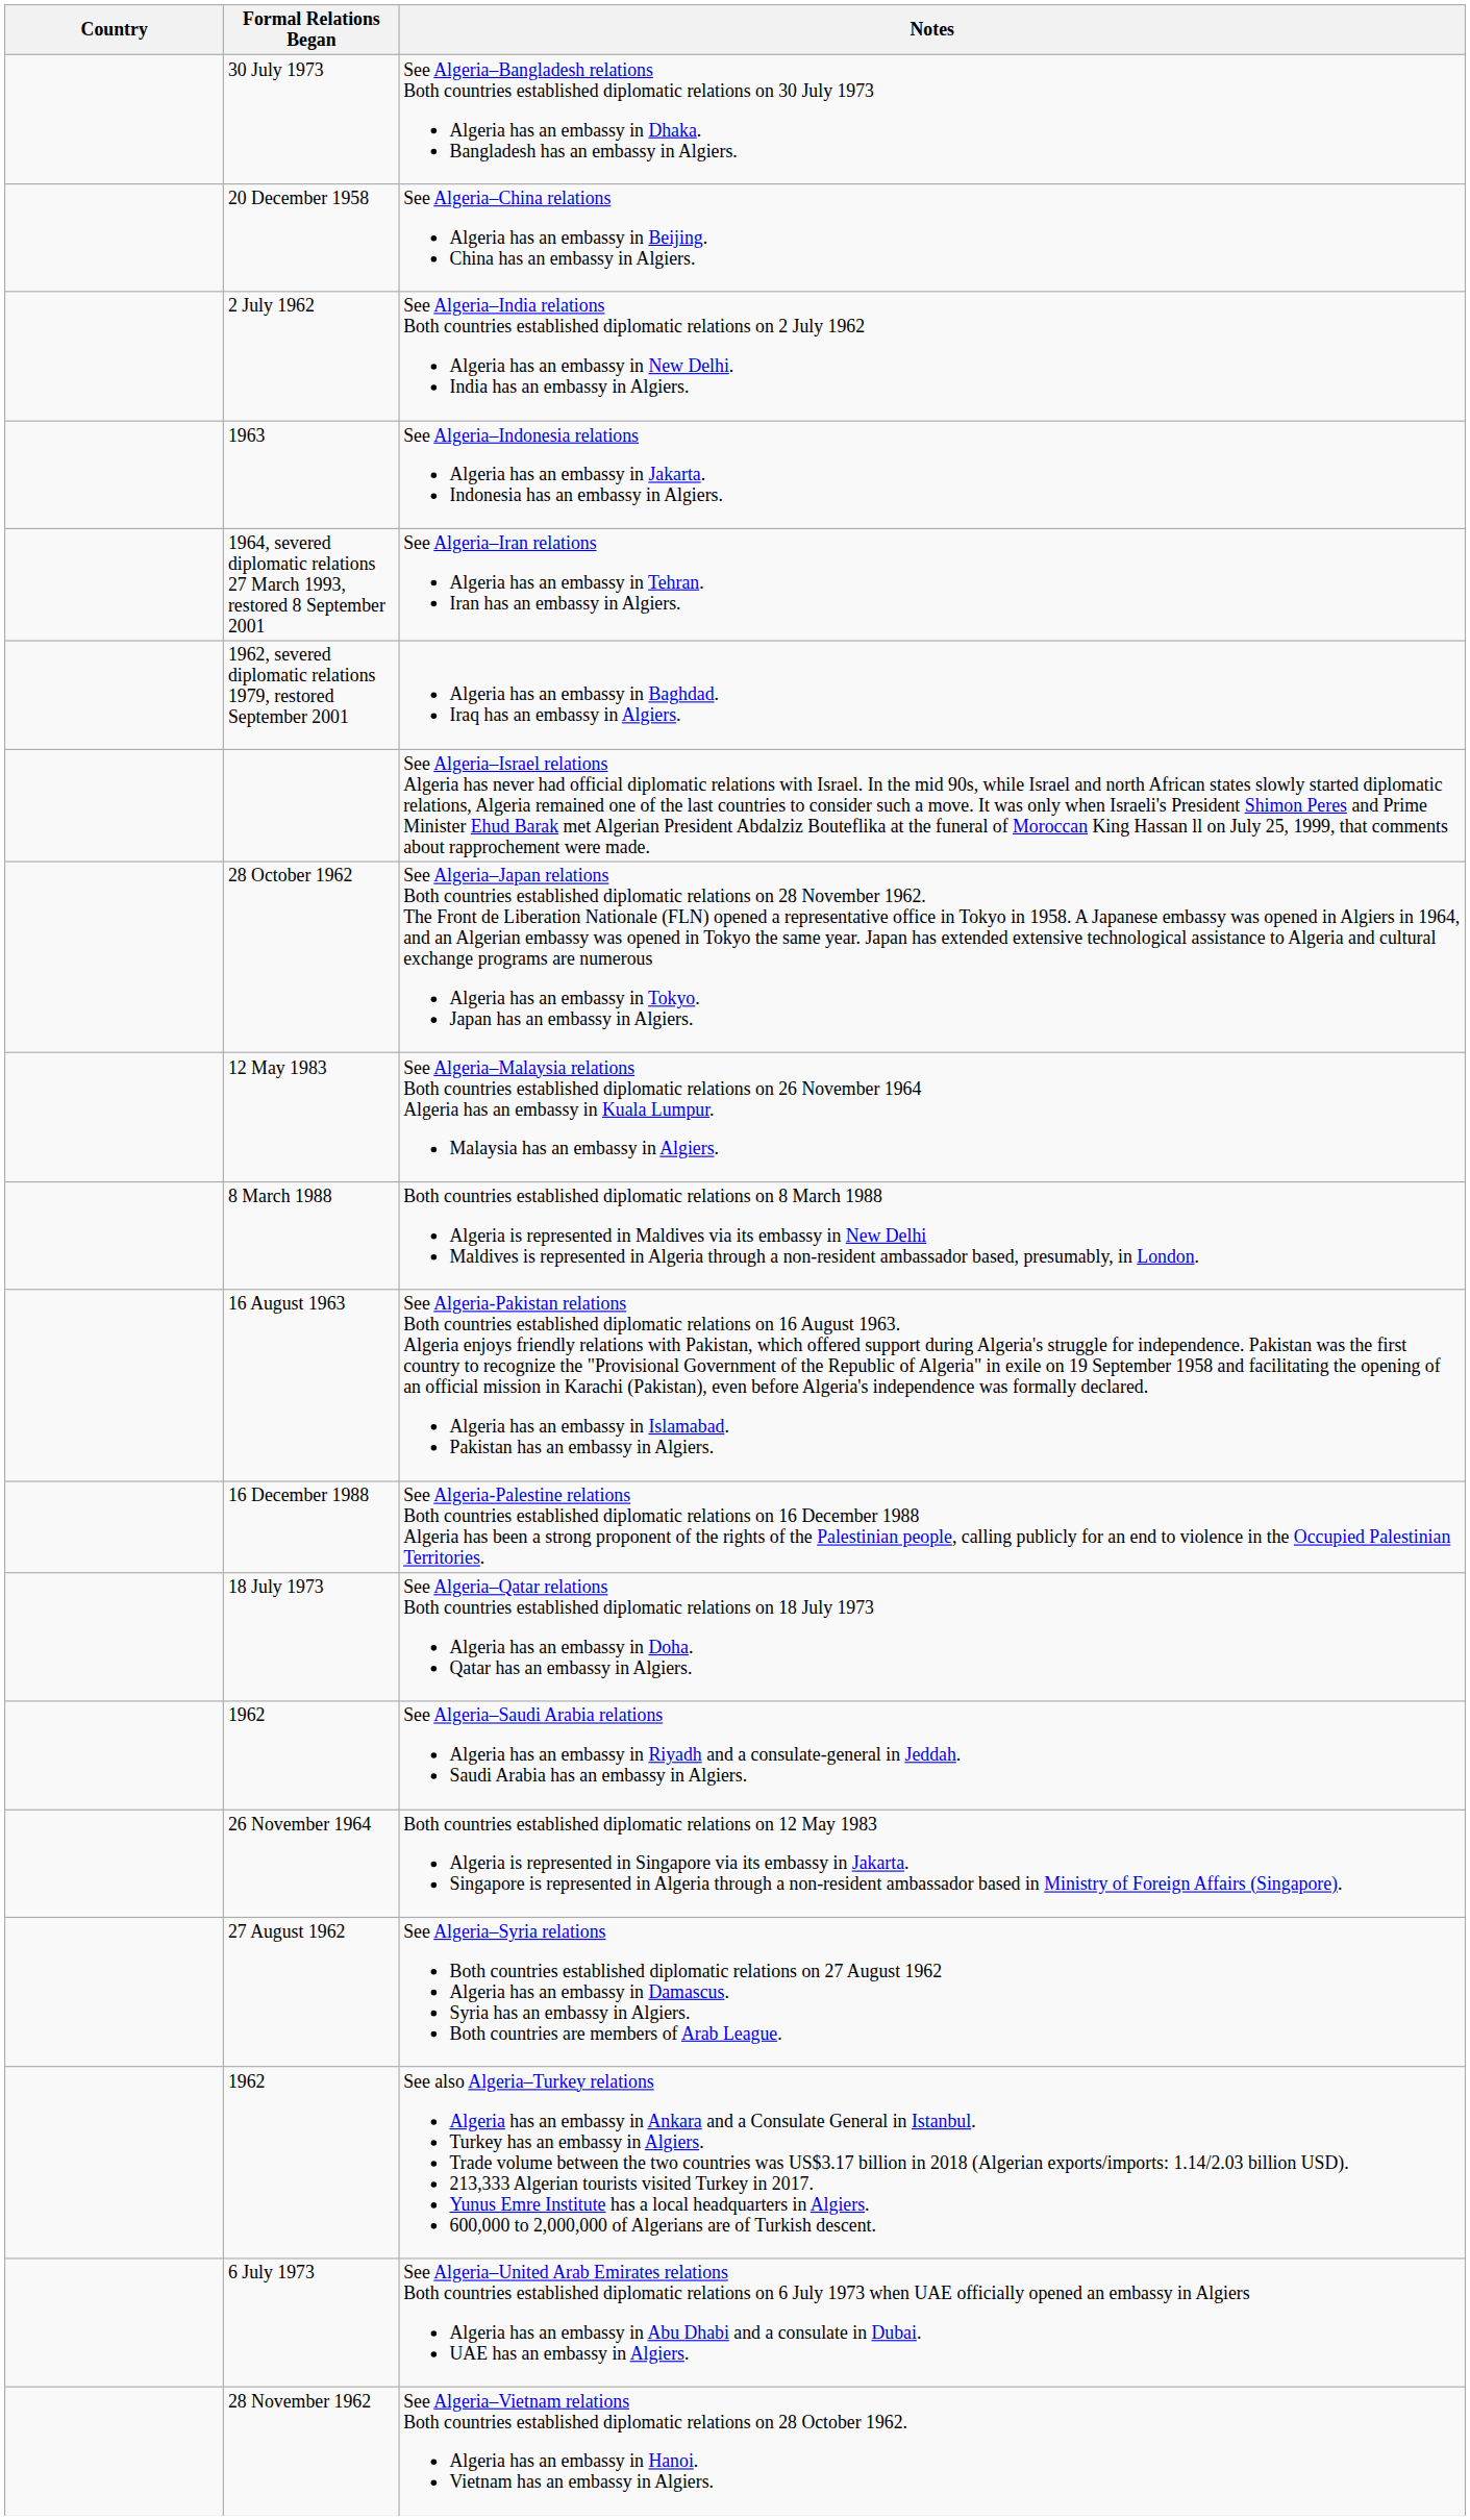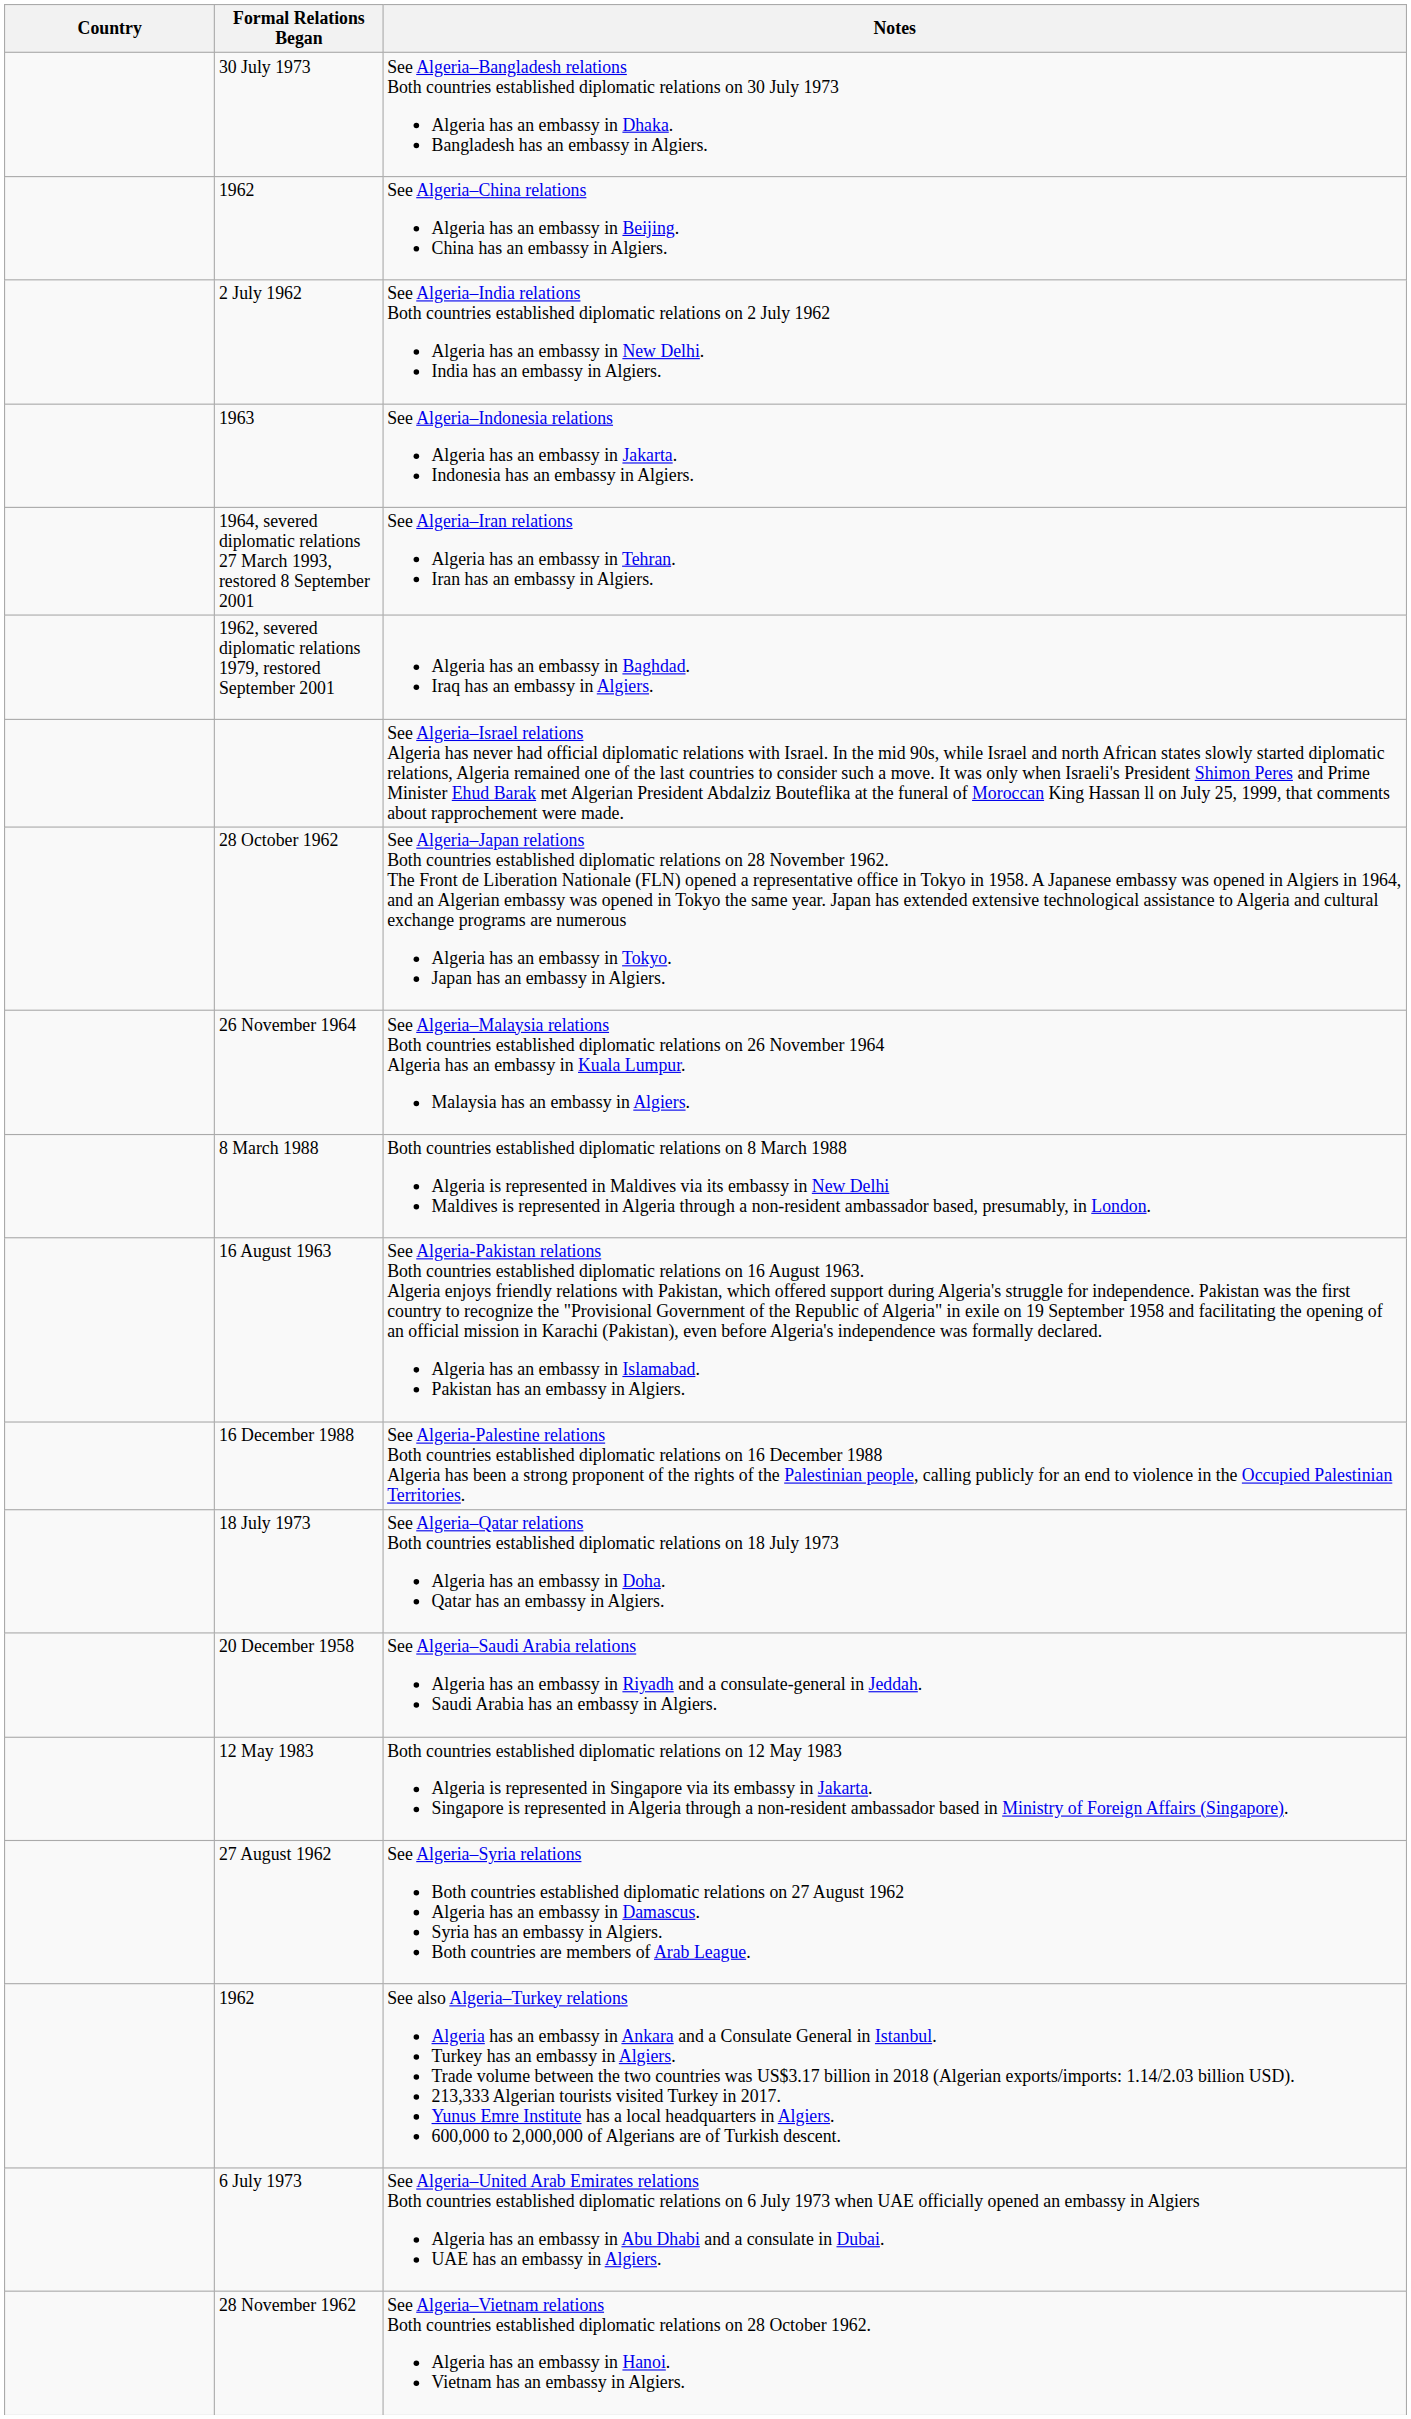 <table class="wikitable sortable" style="width:100%; margin:auto;">
 <tr>
 <th style="width:15%;">Country</th>
 <th style="width:12%;">Formal Relations Began</th>
 <th>Notes</th>
 </tr>
 <tr valign="top">
 <td></td>
 <td>30 July 1973</td>
 <td>See <a href='#'>Algeria–Bangladesh relations</a><br>Both countries established diplomatic relations on 30 July 1973<ul><li>Algeria has an embassy in <a href='#'>Dhaka</a>.</li><li>Bangladesh has an embassy in Algiers.</li></ul></td>
 </tr>
 <tr valign="top">
 <td></td>
-<td>20 December 1958</td>
+<td>1962</td>
 <td>See <a href='#'>Algeria–China relations</a><br><ul><li>Algeria has an embassy in <a href='#'>Beijing</a>.</li><li>China has an embassy in Algiers.</li></ul></td>
 </tr>
 <tr valign="top">
 <td></td>
 <td>2 July 1962</td>
 <td>See <a href='#'>Algeria–India relations</a><br>Both countries established diplomatic relations on 2 July 1962<ul><li>Algeria has an embassy in <a href='#'>New Delhi</a>.</li><li>India has an embassy in Algiers.</li></ul></td>
 </tr>
 <tr valign="top">
 <td></td>
 <td>1963</td>
 <td>See <a href='#'>Algeria–Indonesia relations</a><br><ul><li>Algeria has an embassy in <a href='#'>Jakarta</a>.</li><li>Indonesia has an embassy in Algiers.</li></ul></td>
 </tr>
 <tr valign="top">
 <td></td>
 <td>1964, severed diplomatic relations 27 March 1993, restored 8 September 2001</td>
 <td>See <a href='#'>Algeria–Iran relations</a><br><ul><li>Algeria has an embassy in <a href='#'>Tehran</a>.</li><li>Iran has an embassy in Algiers.</li></ul></td>
 </tr>
 <tr valign="top">
 <td></td>
 <td>1962, severed diplomatic relations 1979, restored September 2001</td>
 <td><br><ul><li>Algeria has an embassy in <a href='#'>Baghdad</a>.</li><li>Iraq has an embassy in <a href='#'>Algiers</a>.</li></ul></td>
 </tr>
 <tr valign="top">
 <td></td>
 <td></td>
 <td>See <a href='#'>Algeria–Israel relations</a><br>Algeria has never had official diplomatic relations with Israel. In the mid 90s, while Israel and north African states slowly started diplomatic relations, Algeria remained one of the last countries to consider such a move. It was only when  Israeli's President <a href='#'>Shimon Peres</a> and Prime Minister <a href='#'>Ehud Barak</a> met Algerian President Abdalziz Bouteflika at the funeral of <a href='#'>Moroccan</a> King Hassan ll on July 25, 1999, that comments about rapprochement were made.</td>
 </tr>
 <tr valign="top">
 <td></td>
 <td>28 October 1962</td>
 <td>See <a href='#'>Algeria–Japan relations</a><br>Both countries established diplomatic relations on 28 November 1962.<br>The Front de Liberation Nationale (FLN) opened a representative office in Tokyo in 1958.  A Japanese embassy was opened in Algiers in 1964, and an Algerian embassy was opened in Tokyo the same year. Japan has extended extensive technological assistance to Algeria and cultural exchange programs are numerous<ul><li>Algeria has an embassy in <a href='#'>Tokyo</a>.</li><li>Japan has an embassy in Algiers.</li></ul></td>
 </tr>
 <tr valign="top">
 <td></td>
-<td>12 May 1983</td>
+<td>26 November 1964</td>
 <td>See <a href='#'>Algeria–Malaysia relations</a><br>Both countries established diplomatic relations on 26 November 1964<br>Algeria has an embassy in <a href='#'>Kuala Lumpur</a>.<ul><li>Malaysia has an embassy in <a href='#'>Algiers</a>.</li></ul></td>
 </tr>
 <tr valign="top">
 <td></td>
 <td>8 March 1988</td>
 <td>Both countries established diplomatic relations on 8 March 1988<br><ul><li>Algeria is represented in Maldives via its embassy in <a href='#'>New Delhi</a></li><li>Maldives is represented in Algeria through a non-resident ambassador based, presumably, in <a href='#'>London</a>.  </li></ul></td>
 </tr>
 <tr valign="top">
 <td></td>
 <td>16 August 1963</td>
 <td>See <a href='#'>Algeria-Pakistan relations</a><br>Both countries established diplomatic relations on 16 August 1963.<br>Algeria enjoys friendly relations with Pakistan, which offered support during Algeria's struggle for independence. Pakistan was the first country to recognize the "Provisional Government of the Republic of Algeria" in exile on 19 September 1958 and facilitating the opening of an official mission in Karachi (Pakistan), even before Algeria's independence was formally declared.<ul><li>Algeria has an embassy in <a href='#'>Islamabad</a>.</li><li>Pakistan has an embassy in Algiers.</li></ul></td>
 </tr>
 <tr valign="top">
 <td></td>
 <td>16 December 1988</td>
 <td>See <a href='#'>Algeria-Palestine relations</a><br>Both countries established diplomatic relations on 16 December 1988<br>Algeria has been a strong proponent of the rights of the <a href='#'>Palestinian people</a>, calling publicly for an end to violence in the <a href='#'>Occupied Palestinian Territories</a>.</td>
 </tr>
 <tr valign="top">
 <td></td>
 <td>18 July 1973</td>
 <td>See <a href='#'>Algeria–Qatar relations</a><br>Both countries established diplomatic relations on 18 July 1973<ul><li>Algeria has an embassy in <a href='#'>Doha</a>.</li><li>Qatar has an embassy in Algiers.</li></ul></td>
 </tr>
 <tr valign="top">
 <td></td>
-<td>1962</td>
+<td>20 December 1958</td>
 <td>See <a href='#'>Algeria–Saudi Arabia relations</a><br><ul><li>Algeria has an embassy in <a href='#'>Riyadh</a> and a consulate-general in <a href='#'>Jeddah</a>.</li><li>Saudi Arabia has an embassy in Algiers.</li></ul></td>
 </tr>
 <tr valign="top">
 <td></td>
-<td>26 November 1964</td>
+<td>12 May 1983</td>
 <td>Both countries established diplomatic relations on 12 May 1983<br><ul><li>Algeria is represented in Singapore via its embassy in <a href='#'>Jakarta</a>.</li><li>Singapore is represented in Algeria through a non-resident ambassador based in <a href='#'>Ministry of Foreign Affairs (Singapore)</a>.</li></ul></td>
 </tr>
 <tr valign="top">
 <td></td>
 <td>27 August 1962</td>
 <td>See <a href='#'>Algeria–Syria relations</a><br><ul><li>Both countries established diplomatic relations on 27 August 1962</li><li>Algeria has an embassy in <a href='#'>Damascus</a>.</li><li>Syria has an embassy in Algiers.</li><li>Both countries are members of <a href='#'>Arab League</a>.</li></ul></td>
 </tr>
 <tr valign="top">
 <td></td>
 <td>1962</td>
 <td>See also <a href='#'>Algeria–Turkey relations</a><br><ul><li><a href='#'>Algeria</a> has an embassy in <a href='#'>Ankara</a> and a Consulate General in <a href='#'>Istanbul</a>.</li><li>Turkey has an embassy in <a href='#'>Algiers</a>.</li><li>Trade volume between the two countries was US$3.17 billion in 2018 (Algerian exports/imports: 1.14/2.03 billion USD).</li><li>213,333 Algerian tourists visited Turkey in 2017.</li><li><a href='#'>Yunus Emre Institute</a> has a local headquarters in <a href='#'>Algiers</a>.</li><li>600,000 to 2,000,000 of Algerians are of Turkish descent.</li></ul></td>
 </tr>
 <tr valign="top">
 <td></td>
 <td>6 July 1973</td>
 <td>See <a href='#'>Algeria–United Arab Emirates relations</a><br>Both countries established diplomatic relations on 6 July 1973 when UAE officially opened an embassy in Algiers<ul><li>Algeria has an embassy in <a href='#'>Abu Dhabi</a> and a consulate in <a href='#'>Dubai</a>.</li><li>UAE has an embassy in <a href='#'>Algiers</a>.</li></ul></td>
 </tr>
 <tr valign="top">
 <td></td>
 <td>28 November 1962</td>
 <td>See <a href='#'>Algeria–Vietnam relations</a><br>Both countries established diplomatic relations on 28 October 1962.<ul><li>Algeria has an embassy in <a href='#'>Hanoi</a>.</li><li>Vietnam has an embassy in Algiers.</li></ul></td>
 </tr>
 </table>
